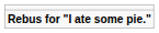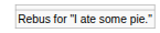 <table class="wikitable" style="float:right;">
 <tr>
 <td></td>
 </tr>
 <tr>
-<td><strong>Rebus for "I ate some pie."</strong></td>
+<td>Rebus for "I ate some pie."</td>
 </tr>
 </table>
